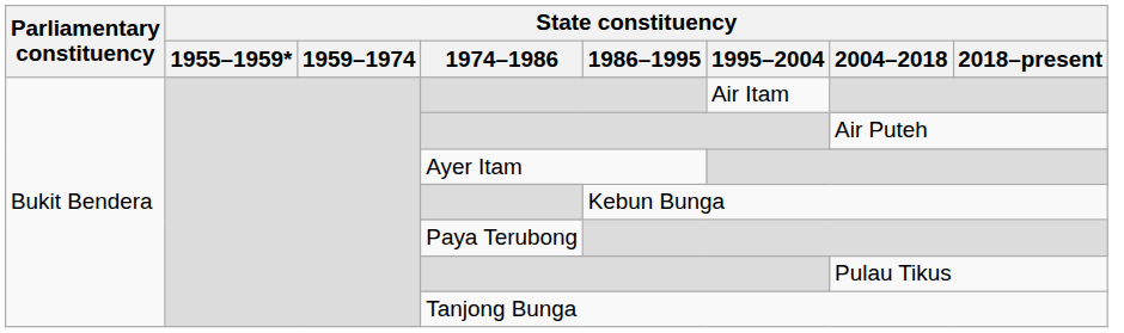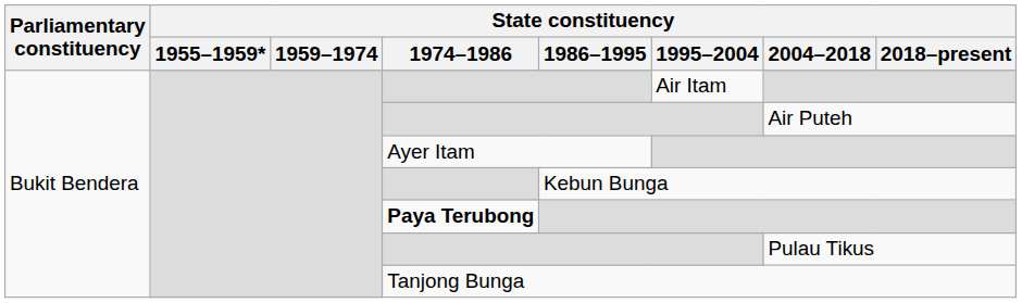 <table class="wikitable">
 <tr>
 <th rowspan="2">Parliamentary<br>constituency</th>
 <th colspan="7">State constituency</th>
 </tr>
 <tr>
 <th>1955–1959*</th>
 <th>1959–1974</th>
 <th>1974–1986</th>
 <th>1986–1995</th>
 <th>1995–2004</th>
 <th>2004–2018</th>
 <th>2018–present</th>
 </tr>
 <tr>
 <td rowspan="7">Bukit Bendera</td>
 <td colspan="2" rowspan="7" bgcolor="dcdcdc"></td>
 <td colspan="2" bgcolor="dcdcdc"></td>
 <td>Air Itam</td>
 <td colspan="2" bgcolor="dcdcdc"></td>
 </tr>
 <tr>
 <td colspan="3" bgcolor="dcdcdc"></td>
 <td colspan="2">Air Puteh</td>
 </tr>
 <tr>
 <td colspan="2">Ayer Itam</td>
 <td colspan="3" bgcolor="dcdcdc"></td>
 </tr>
 <tr>
 <td bgcolor="dcdcdc"></td>
 <td colspan="4">Kebun Bunga</td>
 </tr>
 <tr>
-<td>Paya Terubong</td>
+<td><strong>Paya Terubong</strong></td>
 <td colspan="4" bgcolor="dcdcdc"></td>
 </tr>
 <tr>
 <td colspan="3" bgcolor="dcdcdc"></td>
 <td colspan="2">Pulau Tikus</td>
 </tr>
 <tr>
 <td colspan="5">Tanjong Bunga</td>
 </tr>
 </table>
